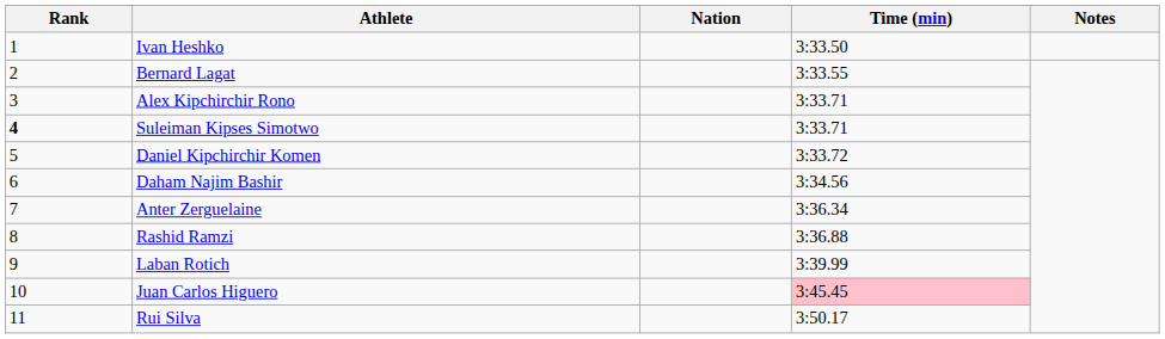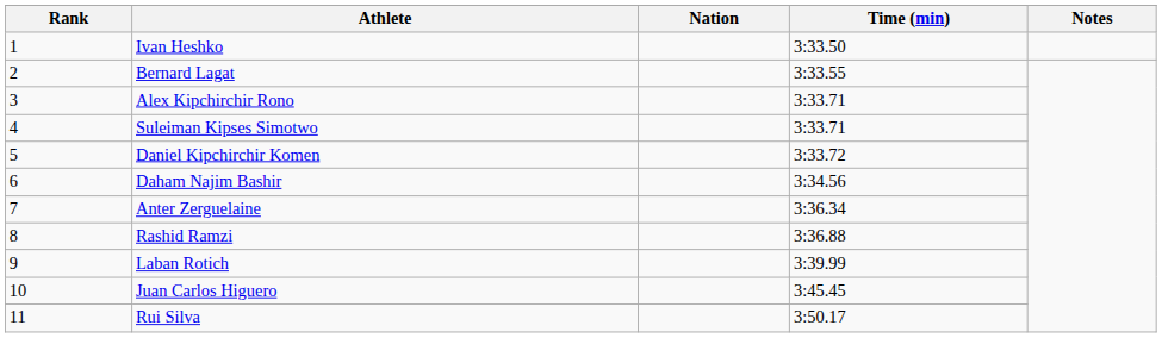 <table class="wikitable" width=85%>
 <tr>
 </tr>
 <tr>
 <th>Rank</th>
 <th>Athlete</th>
 <th>Nation</th>
 <th>Time (<a href='#'>min</a>)</th>
 <th>Notes</th>
 </tr>
 <tr>
 <td>1</td>
 <td><a href='#'>Ivan Heshko</a></td>
 <td></td>
 <td>3:33.50</td>
 <td></td>
 </tr>
 <tr>
 <td>2</td>
 <td><a href='#'>Bernard Lagat</a></td>
 <td></td>
 <td>3:33.55</td>
 </tr>
 <tr>
 <td>3</td>
 <td><a href='#'>Alex Kipchirchir Rono</a></td>
 <td></td>
 <td>3:33.71</td>
 </tr>
 <tr>
-<td><strong>4</strong></td>
+<td>4</td>
 <td><a href='#'>Suleiman Kipses Simotwo</a></td>
 <td></td>
 <td>3:33.71</td>
 </tr>
 <tr>
 <td>5</td>
 <td><a href='#'>Daniel Kipchirchir Komen</a></td>
 <td></td>
 <td>3:33.72</td>
 </tr>
 <tr>
 <td>6</td>
 <td><a href='#'>Daham Najim Bashir</a></td>
 <td></td>
 <td>3:34.56</td>
 </tr>
 <tr>
 <td>7</td>
 <td><a href='#'>Anter Zerguelaine</a></td>
 <td></td>
 <td>3:36.34</td>
 </tr>
 <tr>
 <td>8</td>
 <td><a href='#'>Rashid Ramzi</a></td>
 <td></td>
 <td>3:36.88</td>
 </tr>
 <tr>
 <td>9</td>
 <td><a href='#'>Laban Rotich</a></td>
 <td></td>
 <td>3:39.99</td>
 </tr>
 <tr>
 <td>10</td>
 <td><a href='#'>Juan Carlos Higuero</a></td>
 <td></td>
-<td style="background: pink;">3:45.45</td>
+<td>3:45.45</td>
 </tr>
 <tr>
 <td>11</td>
 <td><a href='#'>Rui Silva</a></td>
 <td></td>
 <td>3:50.17</td>
 </tr>
 </table>
